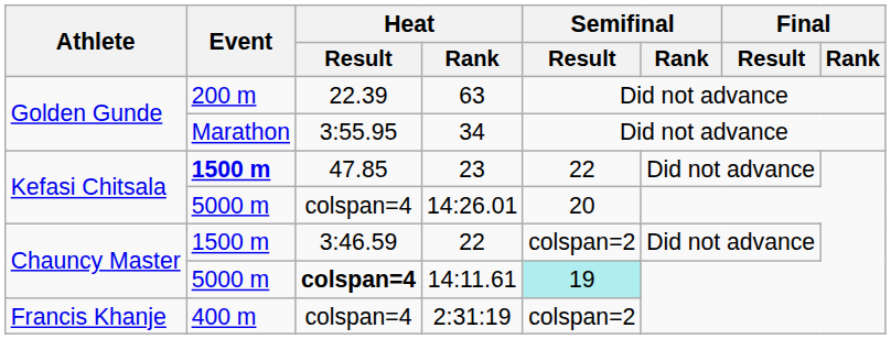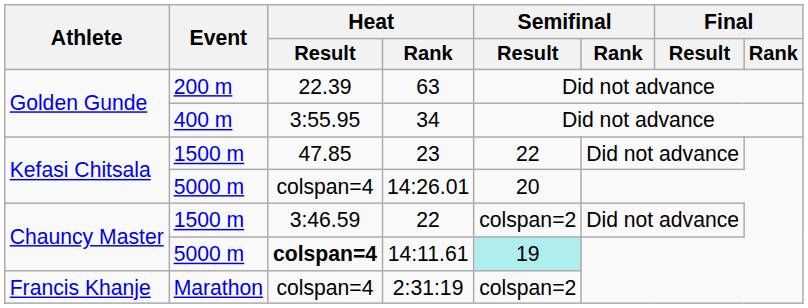 <table class="wikitable" style="font-size:90%">
 <tr>
 <th rowspan=2>Athlete</th>
 <th rowspan=2>Event</th>
 <th colspan=2>Heat</th>
 <th colspan=2>Semifinal</th>
 <th colspan=2>Final</th>
 </tr>
 <tr style="font-size:95%">
 <th>Result</th>
 <th>Rank</th>
 <th>Result</th>
 <th>Rank</th>
 <th>Result</th>
 <th>Rank</th>
 </tr>
 <tr align=center>
 <td align=left rowspan=2><a href='#'>Golden Gunde</a></td>
 <td align=left><a href='#'>200 m</a></td>
 <td>22.39</td>
 <td>63</td>
 <td colspan=4>Did not advance</td>
 </tr>
 <tr align=center>
-<td align=left><a href='#'>Marathon</a></td>
+<td align=left><a href='#'>400 m</a></td>
 <td>3:55.95</td>
 <td>34</td>
 <td colspan=4>Did not advance</td>
 </tr>
 <tr align=center>
 <td align=left rowspan=2><a href='#'>Kefasi Chitsala</a></td>
-<td align=left><strong><a href='#'>1500 m</a></strong></td>
+<td align=left><a href='#'>1500 m</a></td>
 <td>47.85</td>
 <td>23</td>
 <td>22</td>
 <td colspan=2>Did not advance</td>
 </tr>
 <tr align=center>
 <td align=left><a href='#'>5000 m</a></td>
 <td>colspan=4 </td>
 <td>14:26.01</td>
 <td>20</td>
 </tr>
 <tr align=center>
 <td align=left rowspan=2><a href='#'>Chauncy Master</a></td>
 <td align=left><a href='#'>1500 m</a></td>
 <td>3:46.59</td>
 <td>22</td>
 <td>colspan=2 </td>
 <td colspan=2>Did not advance</td>
 </tr>
 <tr align=center>
 <td align=left><a href='#'>5000 m</a></td>
 <td><strong>colspan=4 </strong></td>
 <td>14:11.61</td>
 <td style="background: paleturquoise;">19</td>
 </tr>
 <tr align=center>
 <td align=left><a href='#'>Francis Khanje</a></td>
-<td align=left><a href='#'>400 m</a></td>
+<td align=left><a href='#'>Marathon</a></td>
 <td>colspan=4 </td>
 <td>2:31:19</td>
 <td>colspan=2 </td>
 </tr>
 </table>
